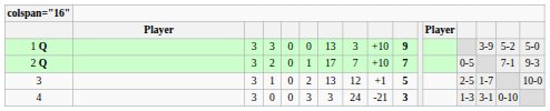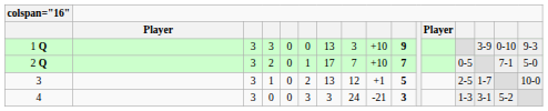 <table class=wikitable style=text-align:center>
 <tr>
 <th>colspan="16" </th>
 </tr>
 <tr>
 <th width=20 abbr=Position></th>
 <th width=250>Player</th>
 <th width=20 abbr=Played></th>
 <th width=20 abbr=Won></th>
 <th width=20 abbr=Drawn></th>
 <th width=20 abbr=Lost></th>
 <th width=30 abbr=Points for></th>
 <th width=30 abbr=Points against></th>
 <th width=30 abbr=Points difference></th>
 <th width=30 abbr=Points></th>
 <th rowspan="5" abbr=H2H></th>
 <th>Player</th>
 <th></th>
 <th></th>
 <th></th>
 <th></th>
 </tr>
 <tr bgcolor=#CCFFCC>
 <td>1 <strong>Q</strong></td>
 <td align=left><strong></strong></td>
 <td>3</td>
 <td>3</td>
 <td>0</td>
 <td>0</td>
 <td>13</td>
 <td>3</td>
 <td>+10</td>
 <td><strong>9</strong></td>
 <td></td>
 <td bgcolor="#dddddd"> </td>
 <td bgcolor="#efefef">3-9</td>
-<td bgcolor="#efefef">5-2</td>
-<td bgcolor="#efefef">5-0</td>
+<td bgcolor="#efefef">0-10</td>
+<td bgcolor="#efefef">9-3</td>
 </tr>
 <tr bgcolor=#CCFFCC>
 <td>2 <strong>Q</strong> </td>
 <td align=left><strong></strong></td>
 <td>3</td>
 <td>2</td>
 <td>0</td>
 <td>1</td>
 <td>17</td>
 <td>7</td>
 <td>+10</td>
 <td><strong>7</strong></td>
 <td></td>
 <td bgcolor="#efefef">0-5</td>
 <td bgcolor="#dddddd"> </td>
 <td bgcolor="#efefef">7-1</td>
-<td bgcolor="#efefef">9-3</td>
+<td bgcolor="#efefef">5-0</td>
 </tr>
 <tr>
 <td>3 </td>
 <td align=left><strong></strong></td>
 <td>3</td>
 <td>1</td>
 <td>0</td>
 <td>2</td>
 <td>13</td>
 <td>12</td>
 <td>+1</td>
 <td><strong>5</strong></td>
 <td></td>
 <td bgcolor="#efefef">2-5</td>
 <td bgcolor="#efefef">1-7</td>
 <td bgcolor="#dddddd"> </td>
 <td bgcolor="#efefef">10-0</td>
 </tr>
 <tr>
 <td>4 </td>
 <td align=left><strong></strong></td>
 <td>3</td>
 <td>0</td>
 <td>0</td>
 <td>3</td>
 <td>3</td>
 <td>24</td>
 <td>-21</td>
 <td><strong>3</strong></td>
 <td></td>
 <td bgcolor="#efefef">1-3</td>
 <td bgcolor="#efefef">3-1</td>
-<td bgcolor="#efefef">0-10</td>
+<td bgcolor="#efefef">5-2</td>
 <td bgcolor="#dddddd"> </td>
 </tr>
 </table>
